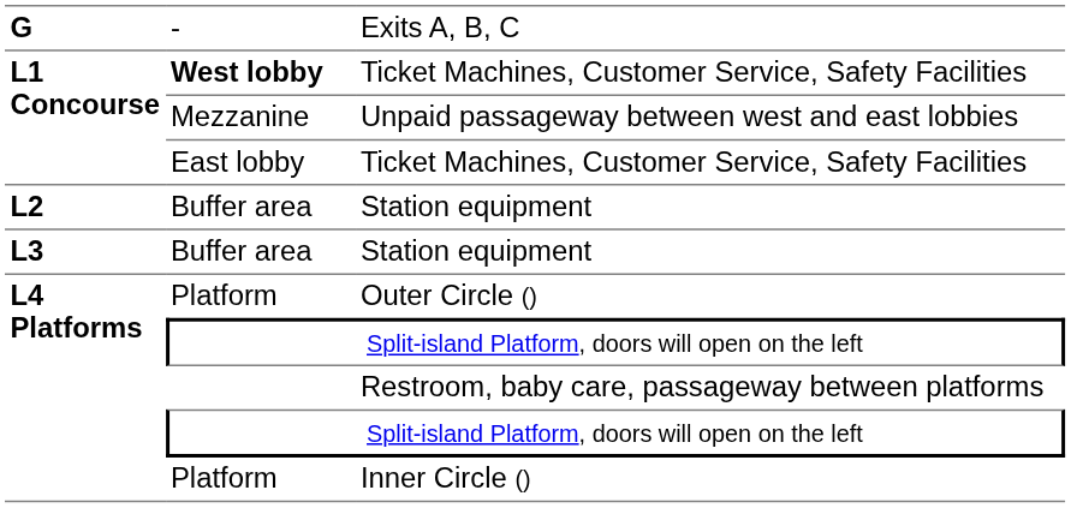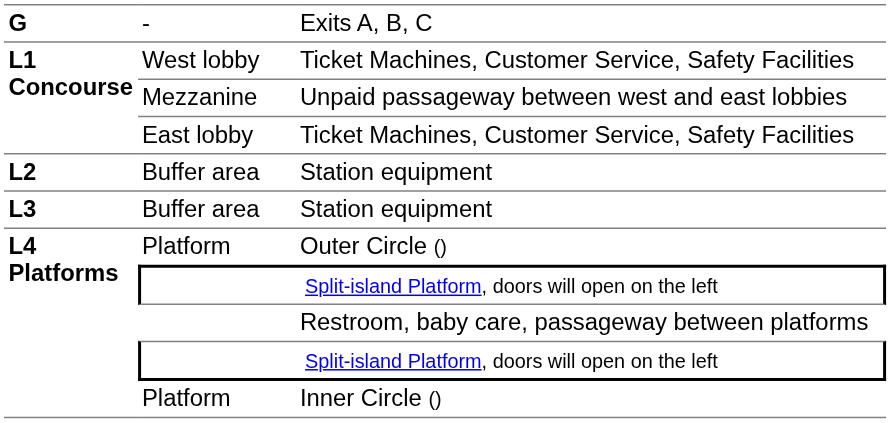 <table table border=0 cellspacing=0 cellpadding=3>
 <tr>
 <td style="border-top:solid 1px gray;" width=50 valign=top><strong>G</strong></td>
 <td style="border-top:solid 1px gray;" width=100 valign=top>-</td>
 <td style="border-top:solid 1px gray;" width=390 valign=top>Exits A, B, C</td>
 </tr>
 <tr>
 <td style="border-bottom:solid 1px gray; border-top:solid 1px gray;" rowspan=3 valign=top width=50><strong>L1<br>Concourse</strong></td>
-<td style="border-top:solid 1px gray;" valign=top width=100><strong>West lobby</strong></td>
+<td style="border-top:solid 1px gray;" valign=top width=100>West lobby</td>
 <td style="border-top:solid 1px gray;" valign=top width=390>Ticket Machines, Customer Service, Safety Facilities</td>
 </tr>
 <tr>
 <td style="border-top:solid 1px gray;" valign=top width=100>Mezzanine</td>
 <td style="border-top:solid 1px gray;" valign=top width=100>Unpaid passageway between west and east lobbies</td>
 </tr>
 <tr>
 <td style="border-bottom:solid 1px gray; border-top:solid 1px gray;" valign=top width=100>East lobby</td>
 <td style="border-bottom:solid 1px gray; border-top:solid 1px gray;" valign=top width=390>Ticket Machines, Customer Service, Safety Facilities</td>
 </tr>
 <tr>
 <td style="border-bottom:solid 1px gray;" width=50 valign=top><strong>L2</strong></td>
 <td style="border-bottom:solid 1px gray;" width=100 valign=top>Buffer area</td>
 <td style="border-bottom:solid 1px gray;" width=390 valign=top>Station equipment</td>
 </tr>
 <tr>
 <td style="border-bottom:solid 1px gray;" width=50 valign=top><strong>L3</strong></td>
 <td style="border-bottom:solid 1px gray;" width=100 valign=top>Buffer area</td>
 <td style="border-bottom:solid 1px gray;" width=390 valign=top>Station equipment</td>
 </tr>
 <tr>
 <td style="border-bottom:solid 1px gray;" rowspan=5 valign=top><strong>L4<br>Platforms</strong></td>
 <td>Platform </td>
 <td>  Outer Circle <small>()</small></td>
 </tr>
 <tr>
 <td style="border-right:solid 2px black;border-left:solid 2px black;border-top:solid 2px black;border-bottom:solid 1px gray;text-align:center;" colspan=2><small><a href='#'>Split-island Platform</a>, doors will open on the left</small></td>
 </tr>
 <tr>
 <td></td>
 <td>Restroom, baby care, passageway between platforms</td>
 </tr>
 <tr>
 <td style="border-right:solid 2px black;border-left:solid 2px black;border-top:solid 1px gray;border-bottom:solid 2px black;text-align:center;" colspan=2><small><a href='#'>Split-island Platform</a>, doors will open on the left</small></td>
 </tr>
 <tr>
 <td style="border-bottom:solid 1px gray;">Platform </td>
 <td style="border-bottom:solid 1px gray;"> Inner Circle <small>()</small> </td>
 </tr>
 </table>
